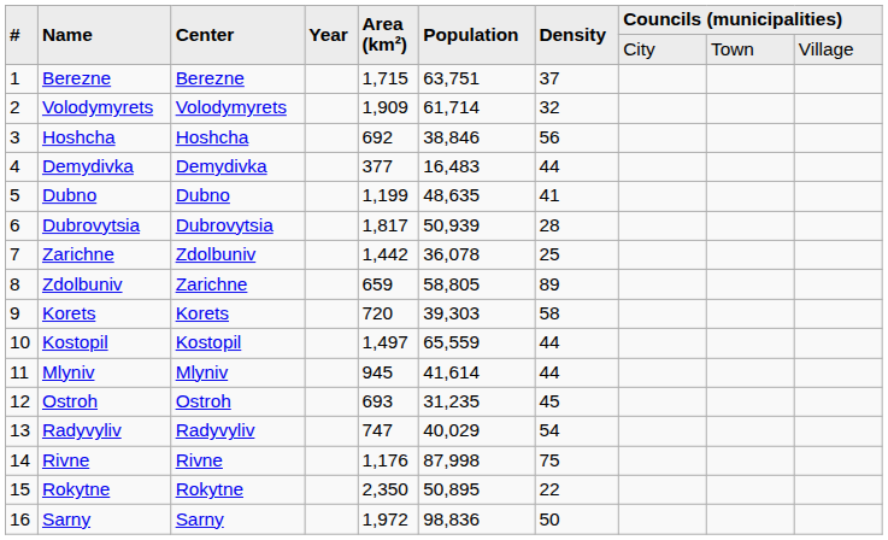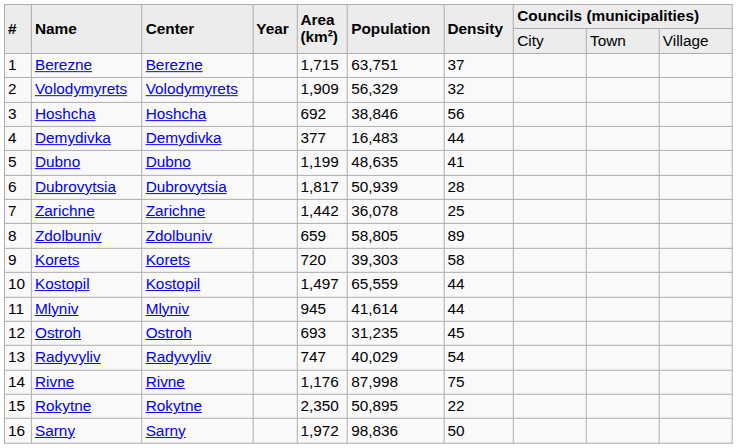 <table class="wikitable">
 <tr bgcolor="#ECECEC">
 <td rowspan=2><strong>#</strong></td>
 <td rowspan=2><strong>Name</strong></td>
 <td rowspan=2><strong>Center</strong></td>
 <td rowspan=2><strong>Year</strong></td>
 <td rowspan=2><strong>Area<br>(km²)</strong></td>
 <td rowspan=2><strong>Population</strong></td>
 <td rowspan=2><strong>Density</strong></td>
 <td colspan=3><strong>Councils (municipalities)</strong></td>
 </tr>
 <tr bgcolor="#ECECEC">
 <td width=10%>City</td>
 <td width=10%>Town</td>
 <td width=10%>Village</td>
 </tr>
 <tr>
 <td>1</td>
 <td><a href='#'>Berezne</a></td>
 <td><a href='#'>Berezne</a></td>
 <td></td>
 <td>1,715</td>
 <td>63,751</td>
 <td>37</td>
 <td></td>
 <td></td>
 <td></td>
 </tr>
 <tr>
 <td>2</td>
 <td><a href='#'>Volodymyrets</a></td>
 <td><a href='#'>Volodymyrets</a></td>
 <td></td>
 <td>1,909</td>
-<td>61,714</td>
+<td>56,329</td>
 <td>32</td>
 <td></td>
 <td></td>
 <td></td>
 </tr>
 <tr>
 <td>3</td>
 <td><a href='#'>Hoshcha</a></td>
 <td><a href='#'>Hoshcha</a></td>
 <td></td>
 <td>692</td>
 <td>38,846</td>
 <td>56</td>
 <td></td>
 <td></td>
 <td></td>
 </tr>
 <tr>
 <td>4</td>
 <td><a href='#'>Demydivka</a></td>
 <td><a href='#'>Demydivka</a></td>
 <td></td>
 <td>377</td>
 <td>16,483</td>
 <td>44</td>
 <td></td>
 <td></td>
 <td></td>
 </tr>
 <tr>
 <td>5</td>
 <td><a href='#'>Dubno</a></td>
 <td><a href='#'>Dubno</a></td>
 <td></td>
 <td>1,199</td>
 <td>48,635</td>
 <td>41</td>
 <td></td>
 <td></td>
 <td></td>
 </tr>
 <tr>
 <td>6</td>
 <td><a href='#'>Dubrovytsia</a></td>
 <td><a href='#'>Dubrovytsia</a></td>
 <td></td>
 <td>1,817</td>
 <td>50,939</td>
 <td>28</td>
 <td></td>
 <td></td>
 <td></td>
 </tr>
 <tr>
 <td>7</td>
 <td><a href='#'>Zarichne</a></td>
-<td><a href='#'>Zdolbuniv</a></td>
+<td><a href='#'>Zarichne</a></td>
 <td></td>
 <td>1,442</td>
 <td>36,078</td>
 <td>25</td>
 <td></td>
 <td></td>
 <td></td>
 </tr>
 <tr>
 <td>8</td>
 <td><a href='#'>Zdolbuniv</a></td>
-<td><a href='#'>Zarichne</a></td>
+<td><a href='#'>Zdolbuniv</a></td>
 <td></td>
 <td>659</td>
 <td>58,805</td>
 <td>89</td>
 <td></td>
 <td></td>
 <td></td>
 </tr>
 <tr>
 <td>9</td>
 <td><a href='#'>Korets</a></td>
 <td><a href='#'>Korets</a></td>
 <td></td>
 <td>720</td>
 <td>39,303</td>
 <td>58</td>
 <td></td>
 <td></td>
 <td></td>
 </tr>
 <tr>
 <td>10</td>
 <td><a href='#'>Kostopil</a></td>
 <td><a href='#'>Kostopil</a></td>
 <td></td>
 <td>1,497</td>
 <td>65,559</td>
 <td>44</td>
 <td></td>
 <td></td>
 <td></td>
 </tr>
 <tr>
 <td>11</td>
 <td><a href='#'>Mlyniv</a></td>
 <td><a href='#'>Mlyniv</a></td>
 <td></td>
 <td>945</td>
 <td>41,614</td>
 <td>44</td>
 <td></td>
 <td></td>
 <td></td>
 </tr>
 <tr>
 <td>12</td>
 <td><a href='#'>Ostroh</a></td>
 <td><a href='#'>Ostroh</a></td>
 <td></td>
 <td>693</td>
 <td>31,235</td>
 <td>45</td>
 <td></td>
 <td></td>
 <td></td>
 </tr>
 <tr>
 <td>13</td>
 <td><a href='#'>Radyvyliv</a></td>
 <td><a href='#'>Radyvyliv</a></td>
 <td></td>
 <td>747</td>
 <td>40,029</td>
 <td>54</td>
 <td></td>
 <td></td>
 <td></td>
 </tr>
 <tr>
 <td>14</td>
 <td><a href='#'>Rivne</a></td>
 <td><a href='#'>Rivne</a></td>
 <td></td>
 <td>1,176</td>
 <td>87,998</td>
 <td>75</td>
 <td></td>
 <td></td>
 <td></td>
 </tr>
 <tr>
 <td>15</td>
 <td><a href='#'>Rokytne</a></td>
 <td><a href='#'>Rokytne</a></td>
 <td></td>
 <td>2,350</td>
 <td>50,895</td>
 <td>22</td>
 <td></td>
 <td></td>
 <td></td>
 </tr>
 <tr>
 <td>16</td>
 <td><a href='#'>Sarny</a></td>
 <td><a href='#'>Sarny</a></td>
 <td></td>
 <td>1,972</td>
 <td>98,836</td>
 <td>50</td>
 <td></td>
 <td></td>
 <td></td>
 </tr>
 </table>
